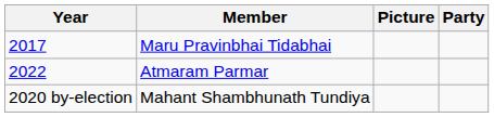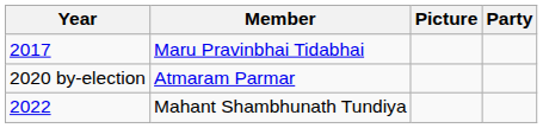 <table class="wikitable sortable">
 <tr>
 <th>Year</th>
 <th>Member</th>
 <th>Picture</th>
 <th colspan="2">Party</th>
 </tr>
 <tr>
 <td><a href='#'>2017</a></td>
 <td><a href='#'>Maru Pravinbhai Tidabhai</a></td>
 <td></td>
 <td></td>
 </tr>
 <tr>
-<td><a href='#'>2022</a></td>
+<td>2020 by-election</td>
 <td><a href='#'>Atmaram Parmar</a></td>
 <td></td>
 <td></td>
 </tr>
 <tr>
-<td>2020 by-election</td>
+<td><a href='#'>2022</a></td>
 <td>Mahant Shambhunath Tundiya</td>
 <td></td>
 </tr>
 </table>
